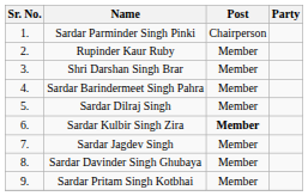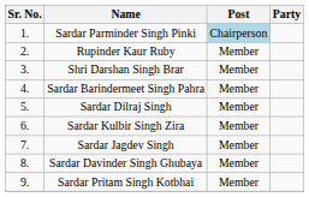 <table class="wikitable sortable">
 <tr>
 <th>Sr. No.</th>
 <th>Name</th>
 <th>Post</th>
 <th colspan="2">Party</th>
 </tr>
 <tr align="center">
 <td>1.</td>
 <td>Sardar Parminder Singh Pinki</td>
-<td>Chairperson</td>
+<td style="background: lightblue;">Chairperson</td>
 <td></td>
 </tr>
 <tr align="center">
 <td>2.</td>
 <td>Rupinder Kaur Ruby</td>
 <td>Member</td>
 <td></td>
 </tr>
 <tr align="center">
 <td>3.</td>
 <td>Shri  Darshan Singh Brar</td>
 <td>Member</td>
 <td></td>
 </tr>
 <tr align="center">
 <td>4.</td>
 <td>Sardar Barindermeet Singh Pahra</td>
 <td>Member</td>
 <td></td>
 </tr>
 <tr align="center">
 <td>5.</td>
 <td>Sardar  Dilraj Singh</td>
 <td>Member</td>
 <td></td>
 </tr>
 <tr align="center">
 <td>6.</td>
 <td>Sardar Kulbir Singh Zira</td>
-<td><strong>Member</strong></td>
+<td>Member</td>
 <td></td>
 </tr>
 <tr align="center">
 <td>7.</td>
 <td>Sardar Jagdev Singh</td>
 <td>Member</td>
 <td></td>
 </tr>
 <tr align="center">
 <td>8.</td>
 <td>Sardar Davinder Singh Ghubaya</td>
 <td>Member</td>
 <td></td>
 </tr>
 <tr align="center">
 <td>9.</td>
 <td>Sardar Pritam Singh Kotbhai</td>
 <td>Member</td>
 <td></td>
 </tr>
 <tr align="center">
 </tr>
 </table>
